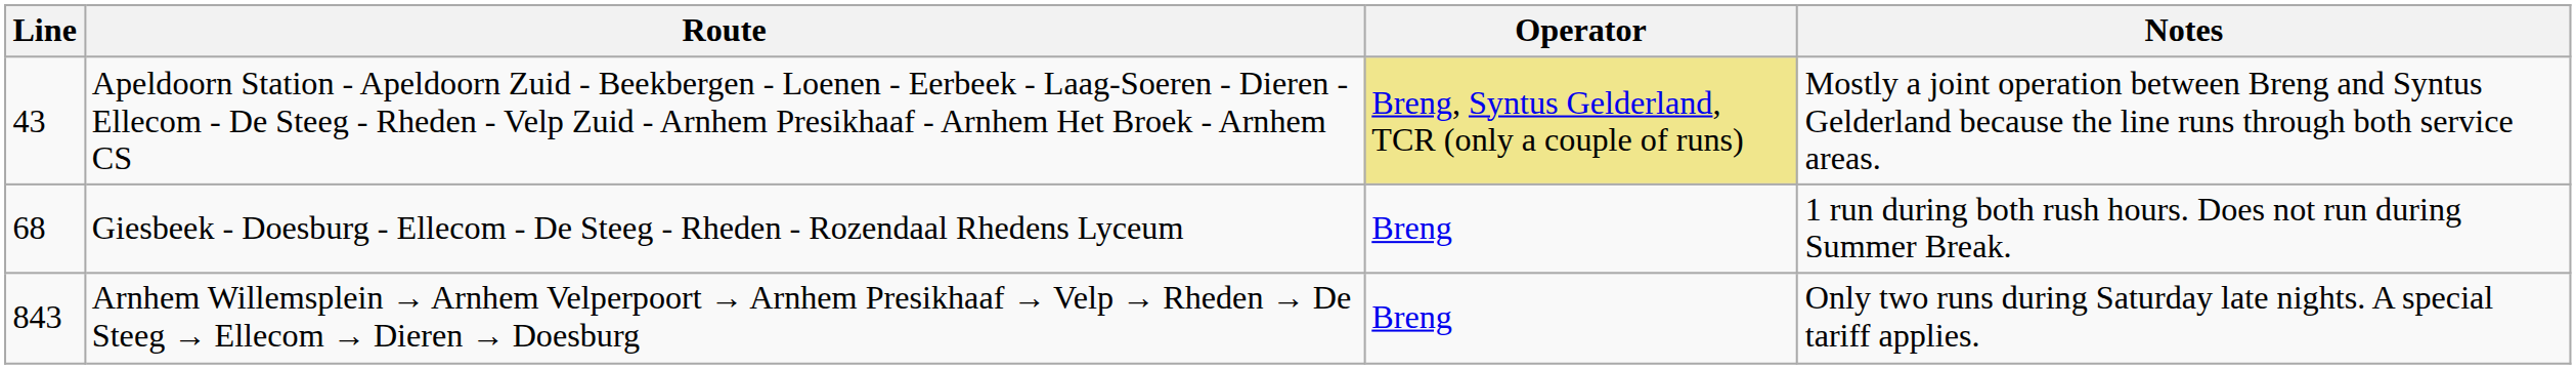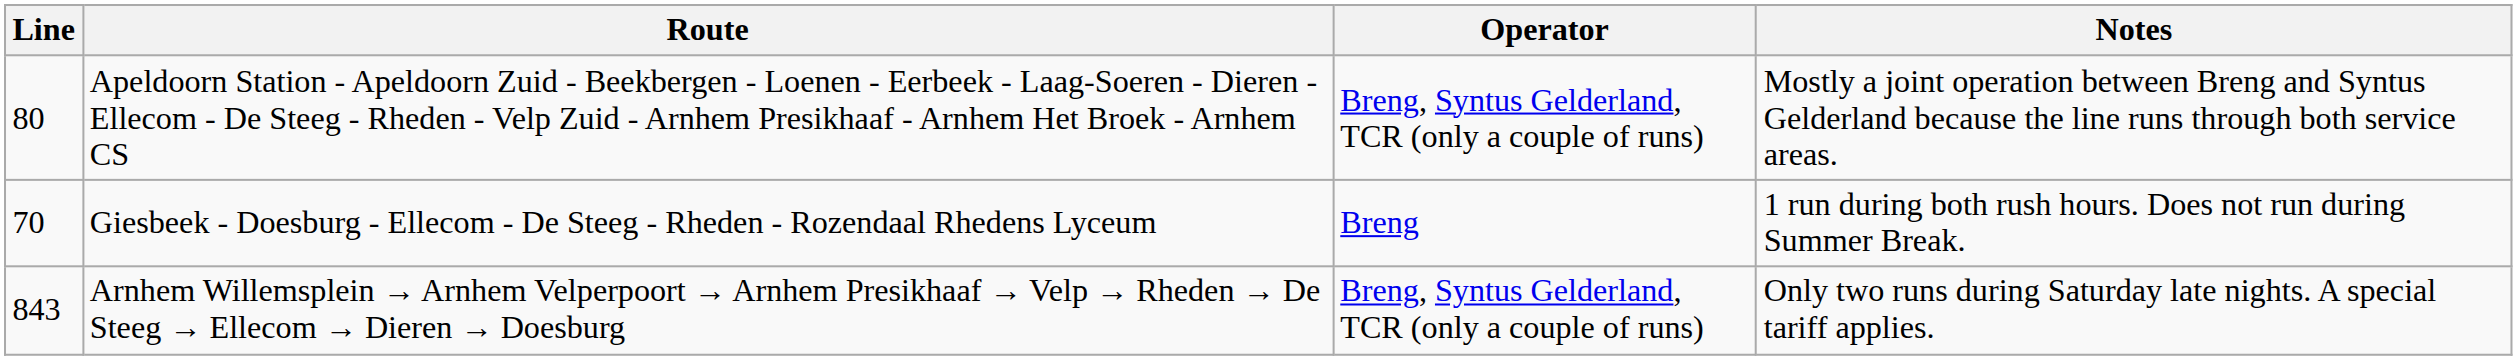 <table class="wikitable">
 <tr>
 <th>Line</th>
 <th>Route</th>
 <th>Operator</th>
 <th>Notes</th>
 </tr>
 <tr>
-<td>43</td>
+<td>80</td>
 <td>Apeldoorn Station - Apeldoorn Zuid - Beekbergen - Loenen - Eerbeek - Laag-Soeren - Dieren - Ellecom - De Steeg - Rheden - Velp Zuid - Arnhem Presikhaaf - Arnhem Het Broek - Arnhem CS</td>
-<td style="background: khaki;"><a href='#'>Breng</a>, <a href='#'>Syntus Gelderland</a>, TCR (only a couple of runs)</td>
+<td><a href='#'>Breng</a>, <a href='#'>Syntus Gelderland</a>, TCR (only a couple of runs)</td>
 <td>Mostly a joint operation between Breng and Syntus Gelderland because the line runs through both service areas.</td>
 </tr>
 <tr>
-<td>68</td>
+<td>70</td>
 <td>Giesbeek - Doesburg - Ellecom - De Steeg - Rheden - Rozendaal Rhedens Lyceum</td>
 <td><a href='#'>Breng</a></td>
 <td>1 run during both rush hours. Does not run during Summer Break.</td>
 </tr>
 <tr>
 <td>843</td>
 <td>Arnhem Willemsplein → Arnhem Velperpoort → Arnhem Presikhaaf → Velp → Rheden → De Steeg → Ellecom → Dieren → Doesburg</td>
-<td><a href='#'>Breng</a></td>
+<td><a href='#'>Breng</a>, <a href='#'>Syntus Gelderland</a>, TCR (only a couple of runs)</td>
 <td>Only two runs during Saturday late nights. A special tariff applies.</td>
 </tr>
 </table>
